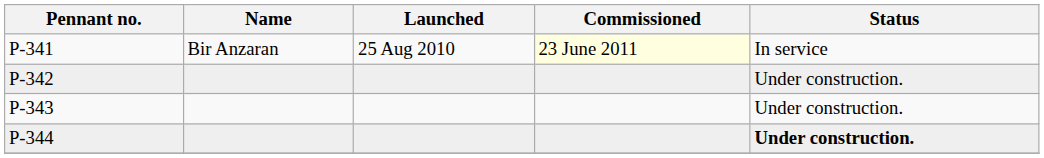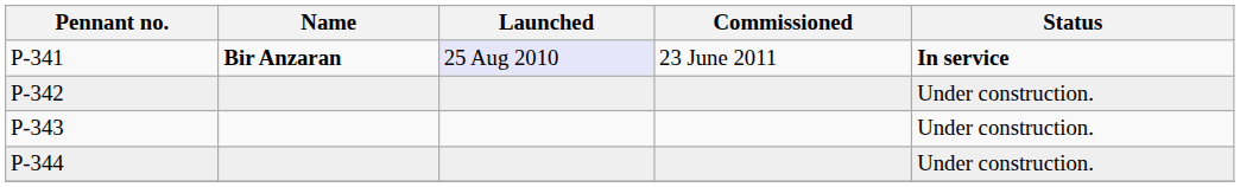 <table class="wikitable" style="width:70%;">
 <tr>
 <th><strong>Pennant no.</strong></th>
 <th><strong>Name</strong></th>
 <th><strong>Launched</strong></th>
 <th><strong>Commissioned</strong></th>
 <th><strong>Status</strong></th>
 </tr>
 <tr>
 <td>P-341</td>
-<td>Bir Anzaran</td>
-<td>25 Aug 2010</td>
-<td style="background: lightyellow;">23 June 2011</td>
-<td>In service</td>
+<td><strong>Bir Anzaran</strong></td>
+<td style="background: lavender;">25 Aug 2010</td>
+<td>23 June 2011</td>
+<td><strong>In service</strong></td>
 </tr>
 <tr style="background:#efefef; color:black">
 <td>P-342</td>
 <td></td>
 <td></td>
 <td></td>
 <td>Under construction.</td>
 </tr>
 <tr>
 <td>P-343</td>
 <td></td>
 <td></td>
 <td></td>
 <td>Under construction.</td>
 </tr>
 <tr style="background:#efefef; color:black">
 <td>P-344</td>
 <td></td>
 <td></td>
 <td></td>
-<td><strong>Under construction.</strong></td>
+<td>Under construction.</td>
 </tr>
 <tr>
 </tr>
 </table>
